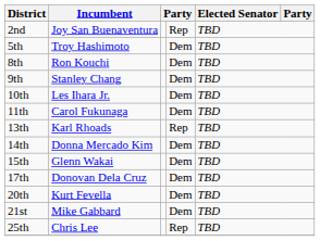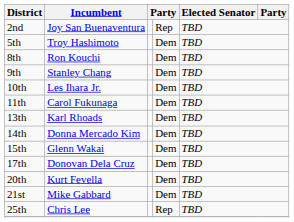 <table class="sortable wikitable" style="font-size:95%;line-height:14px;">
 <tr>
 <th>District</th>
 <th class="unsortable"><a href='#'>Incumbent</a></th>
 <th colspan="2">Party</th>
 <th class="unsortable">Elected Senator</th>
 <th colspan="2">Party</th>
 </tr>
 <tr>
 <td>2nd</td>
 <td><a href='#'>Joy San Buenaventura</a></td>
 <td style="background:"></td>
 <td>Rep</td>
 <td colspan=3><em>TBD</em></td>
 </tr>
 <tr>
 <td>5th</td>
 <td><a href='#'>Troy Hashimoto</a></td>
 <td style="background:"></td>
 <td>Dem</td>
 <td colspan=3><em>TBD</em></td>
 </tr>
 <tr>
 <td>8th</td>
 <td><a href='#'>Ron Kouchi</a></td>
 <td style="background:"></td>
 <td>Dem</td>
 <td colspan=3><em>TBD</em></td>
 </tr>
 <tr>
 <td>9th</td>
 <td><a href='#'>Stanley Chang</a></td>
 <td style="background:"></td>
 <td>Dem</td>
 <td colspan=3><em>TBD</em></td>
 </tr>
 <tr>
 <td>10th</td>
 <td><a href='#'>Les Ihara Jr.</a></td>
 <td style="background:"></td>
 <td>Dem</td>
 <td colspan=3><em>TBD</em></td>
 </tr>
 <tr>
 <td>11th</td>
 <td><a href='#'>Carol Fukunaga</a></td>
 <td style="background:"></td>
 <td>Dem</td>
 <td colspan=3><em>TBD</em></td>
 </tr>
 <tr>
 <td>13th</td>
 <td><a href='#'>Karl Rhoads</a></td>
 <td style="background:"></td>
-<td>Rep</td>
+<td>Dem</td>
 <td colspan=3><em>TBD</em></td>
 </tr>
 <tr>
 <td>14th</td>
 <td><a href='#'>Donna Mercado Kim</a></td>
 <td style="background:"></td>
 <td>Dem</td>
 <td colspan=3><em>TBD</em></td>
 </tr>
 <tr>
 <td>15th</td>
 <td><a href='#'>Glenn Wakai</a></td>
 <td style="background:"></td>
 <td>Dem</td>
 <td colspan=3><em>TBD</em></td>
 </tr>
 <tr>
 <td>17th</td>
 <td><a href='#'>Donovan Dela Cruz</a></td>
 <td style="background:"></td>
 <td>Dem</td>
 <td colspan=3><em>TBD</em></td>
 </tr>
 <tr>
 <td>20th</td>
 <td><a href='#'>Kurt Fevella</a></td>
 <td style="background:"></td>
 <td>Dem</td>
 <td colspan=3><em>TBD</em></td>
 </tr>
 <tr>
 <td>21st</td>
 <td><a href='#'>Mike Gabbard</a></td>
 <td style="background:"></td>
 <td>Dem</td>
 <td colspan=3><em>TBD</em></td>
 </tr>
 <tr>
 <td>25th</td>
 <td><a href='#'>Chris Lee</a></td>
 <td style="background:"></td>
 <td>Rep</td>
 <td colspan=3><em>TBD</em></td>
 </tr>
 <tr>
 </tr>
 </table>
